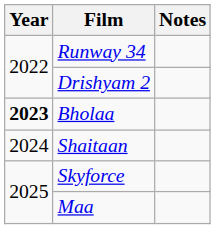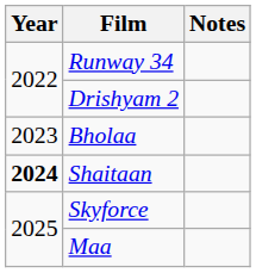 <table class="wikitable sortable">
 <tr>
 <th>Year</th>
 <th>Film</th>
 <th>Notes</th>
 </tr>
 <tr>
 <td rowspan="2">2022</td>
 <td><em><a href='#'>Runway 34</a></em></td>
 <td></td>
 </tr>
 <tr>
 <td><em><a href='#'>Drishyam 2</a></em></td>
 <td></td>
 </tr>
 <tr>
-<td><strong>2023</strong></td>
+<td>2023</td>
 <td><em><a href='#'>Bholaa</a></em></td>
 <td></td>
 </tr>
 <tr>
-<td>2024</td>
+<td><strong>2024</strong></td>
 <td><em><a href='#'>Shaitaan</a></em></td>
 <td></td>
 </tr>
 <tr>
 <td rowspan="2">2025</td>
 <td><em><a href='#'>Skyforce</a></em></td>
 <td></td>
 </tr>
 <tr>
 <td><em><a href='#'>Maa</a></em></td>
 <td></td>
 </tr>
 </table>
